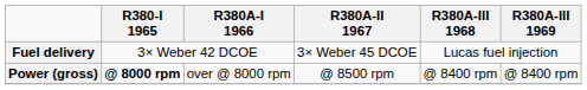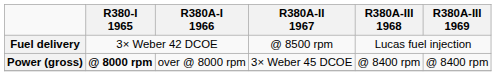 <table class=wikitable style="font-size:90%;text-align:center;">
 <tr>
 <td></td>
 <th>R380-I<br>1965</th>
 <th>R380A-I<br>1966</th>
 <th>R380A-II<br>1967</th>
 <th>R380A-III<br>1968</th>
 <th>R380A-III<br>1969</th>
 </tr>
 <tr>
 <th>Fuel delivery</th>
 <td colspan=2>3× Weber 42 DCOE</td>
-<td>3× Weber 45 DCOE</td>
+<td> @ 8500 rpm</td>
 <td colspan=2>Lucas fuel injection</td>
 </tr>
 <tr>
 <th>Power (gross)</th>
 <td><strong> @ 8000 rpm</strong></td>
 <td>over  @ 8000 rpm</td>
-<td> @ 8500 rpm</td>
+<td>3× Weber 45 DCOE</td>
 <td> @ 8400 rpm</td>
 <td> @ 8400 rpm</td>
 </tr>
 <tr>
 </tr>
 </table>
